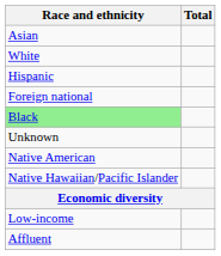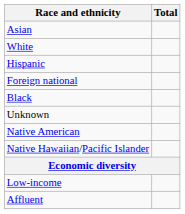 <table class="wikitable floatright sortable collapsible"; text-align:right; font-size:80%;">
 <tr>
 <th>Race and ethnicity</th>
 <th colspan="2" data-sort-type=number>Total</th>
 </tr>
 <tr>
 <td><a href='#'>Asian</a></td>
 <td align=right></td>
 </tr>
 <tr>
 <td><a href='#'>White</a></td>
 <td align=right></td>
 </tr>
 <tr>
 <td><a href='#'>Hispanic</a></td>
 <td align=right></td>
 </tr>
 <tr>
 <td><a href='#'>Foreign national</a></td>
 <td align=right></td>
 </tr>
 <tr>
-<td style="background: lightgreen;"><a href='#'>Black</a></td>
+<td><a href='#'>Black</a></td>
 <td align=right></td>
 </tr>
 <tr>
 <td>Unknown</td>
 <td align=right></td>
 </tr>
 <tr>
 <td><a href='#'>Native American</a></td>
 <td align=right></td>
 </tr>
 <tr>
 <td><a href='#'>Native Hawaiian</a>/<a href='#'>Pacific Islander</a></td>
 <td align=right></td>
 </tr>
 <tr>
 <th colspan="4" data-sort-type=number><a href='#'>Economic diversity</a></th>
 </tr>
 <tr>
 <td><a href='#'>Low-income</a></td>
 <td align=right></td>
 </tr>
 <tr>
 <td><a href='#'>Affluent</a></td>
 <td align=right></td>
 </tr>
 </table>
